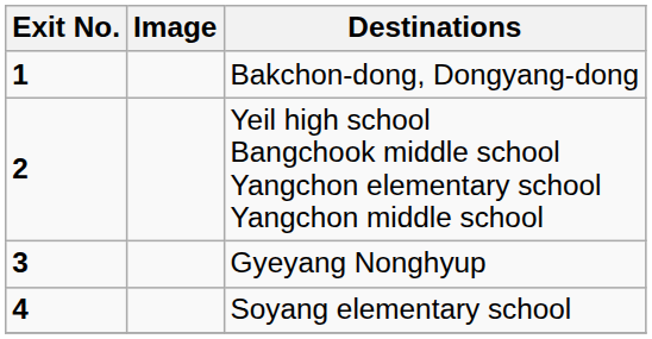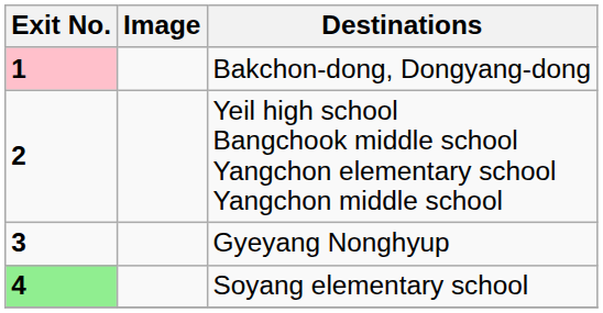 <table class="wikitable">
 <tr>
 <th>Exit No.</th>
 <th>Image</th>
 <th>Destinations</th>
 </tr>
 <tr>
-<td><strong>1</strong></td>
+<td style="background: pink;"><strong>1</strong></td>
 <td></td>
 <td>Bakchon-dong, Dongyang-dong</td>
 </tr>
 <tr>
 <td><strong>2</strong></td>
 <td></td>
 <td>Yeil high school<br>Bangchook middle school<br>Yangchon elementary school<br>Yangchon middle school</td>
 </tr>
 <tr>
 <td><strong>3</strong></td>
 <td></td>
 <td>Gyeyang Nonghyup</td>
 </tr>
 <tr>
-<td><strong>4</strong></td>
+<td style="background: lightgreen;"><strong>4</strong></td>
 <td></td>
 <td>Soyang elementary school</td>
 </tr>
 <tr>
 </tr>
 </table>
